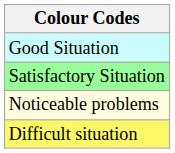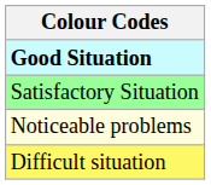 <table class="wikitable">
 <tr>
 <th>Colour Codes</th>
 </tr>
 <tr bgcolor="#CBFCFD">
-<td>Good Situation</td>
+<td><strong>Good Situation</strong></td>
 </tr>
 <tr bgcolor="#99ff99">
 <td>Satisfactory Situation</td>
 </tr>
 <tr bgcolor="#FEFDDD">
 <td>Noticeable problems</td>
 </tr>
 <tr bgcolor="#FDF866">
 <td>Difficult situation</td>
 </tr>
 </table>
